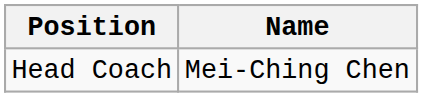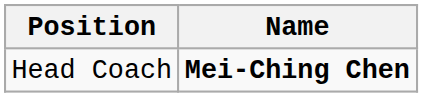 <table class="wikitable">
 <tr>
 <th>Position</th>
 <th>Name</th>
 </tr>
 <tr>
 <td>Head Coach</td>
-<td> Mei-Ching Chen</td>
+<td><strong> Mei-Ching Chen</strong></td>
 </tr>
 </table>
